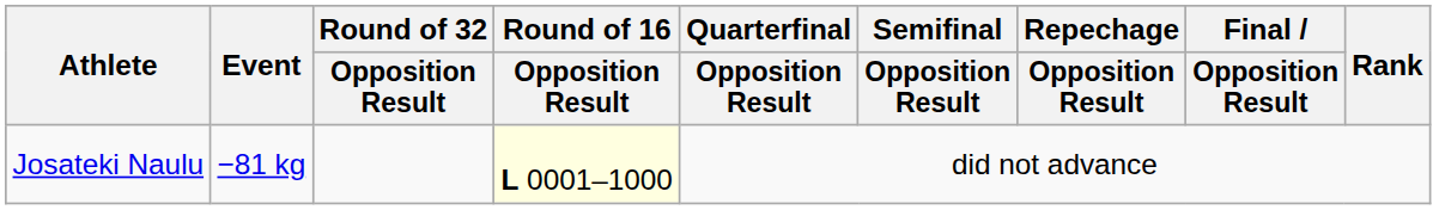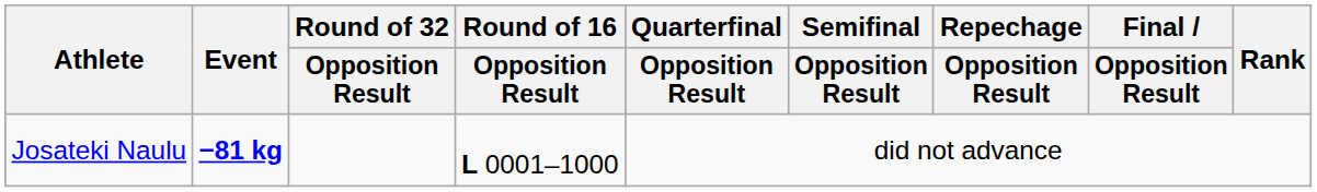 <table class="wikitable" style="font-size:90%">
 <tr>
 <th rowspan=2>Athlete</th>
 <th rowspan=2>Event</th>
 <th>Round of 32</th>
 <th>Round of 16</th>
 <th>Quarterfinal</th>
 <th>Semifinal</th>
 <th>Repechage</th>
 <th>Final / </th>
 <th rowspan=2>Rank</th>
 </tr>
 <tr style="font-size: 95%">
 <th>Opposition<br>Result</th>
 <th>Opposition<br>Result</th>
 <th>Opposition<br>Result</th>
 <th>Opposition<br>Result</th>
 <th>Opposition<br>Result</th>
 <th>Opposition<br>Result</th>
 </tr>
 <tr align=center>
 <td align=left><a href='#'>Josateki Naulu</a></td>
-<td align=left><a href='#'>−81 kg</a></td>
+<td align=left><strong><a href='#'>−81 kg</a></strong></td>
 <td></td>
-<td style="background: lightyellow;"><br><strong>L</strong> 0001–1000</td>
+<td><br><strong>L</strong> 0001–1000</td>
 <td colspan=5>did not advance</td>
 </tr>
 </table>
